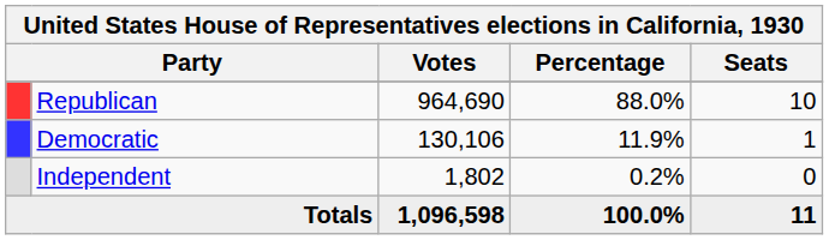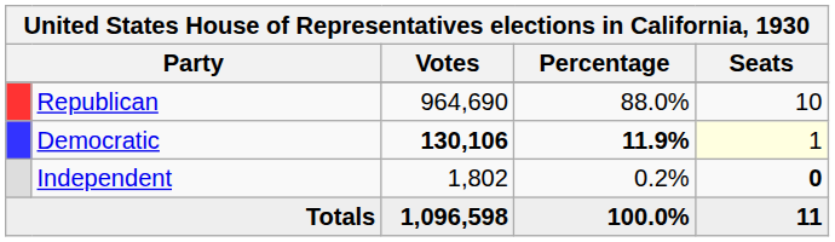 <table class="wikitable" style="font-size: 95%;">
 <tr>
 <th colspan="6">United States House of Representatives elections in California, 1930</th>
 </tr>
 <tr>
 <th colspan=2 style="width: 15em">Party</th>
 <th style="width: 5em">Votes</th>
 <th style="width: 7em">Percentage</th>
 <th style="width: 5em">Seats</th>
 </tr>
 <tr>
 </tr>
 <tr>
 <th style="background-color:#FF3333; width: 3px"></th>
 <td style="width: 130px"><a href='#'>Republican</a></td>
 <td align="right">964,690</td>
 <td align="right">88.0%</td>
 <td align="right">10</td>
 </tr>
 <tr>
 <th style="background-color:#3333FF; width: 3px"></th>
 <td style="width: 130px"><a href='#'>Democratic</a></td>
-<td align="right">130,106</td>
-<td align="right">11.9%</td>
-<td align="right">1</td>
+<td align="right"><strong>130,106</strong></td>
+<td align="right"><strong>11.9%</strong></td>
+<td align="right" style="background: lightyellow;">1</td>
 </tr>
 <tr>
 <th style="background-color:#DDDDDD; width: 3px"></th>
 <td style="width: 130px"><a href='#'>Independent</a></td>
 <td align="right">1,802</td>
 <td align="right">0.2%</td>
-<td align="right">0</td>
+<td align="right"><strong>0</strong></td>
 </tr>
 <tr bgcolor="#EEEEEE">
 <td colspan="2" align="right"><strong>Totals</strong></td>
 <td align="right"><strong>1,096,598</strong></td>
 <td align="right"><strong>100.0%</strong></td>
 <td align="right"><strong>11</strong></td>
 </tr>
 </table>
